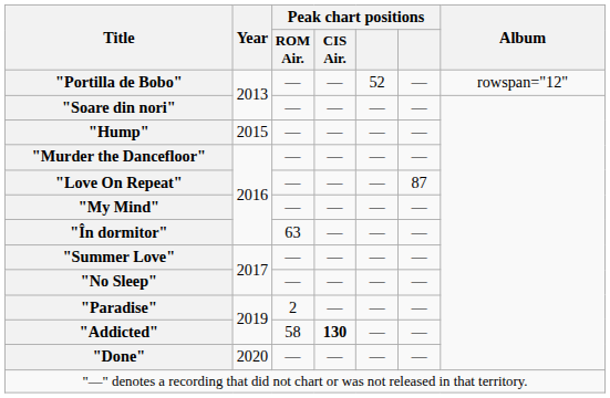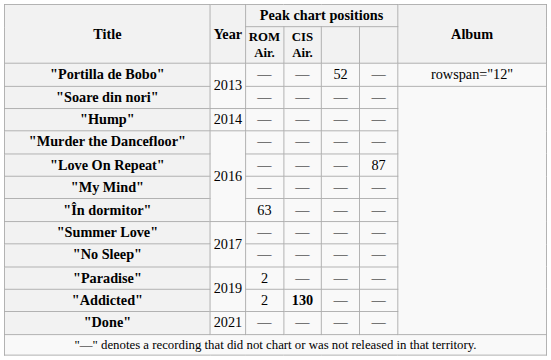 <table class="wikitable plainrowheaders" style="text-align:center;">
 <tr>
 <th scope="col" rowspan="2" style="width:14em;">Title</th>
 <th scope="col" rowspan="2" style="width:1em;">Year</th>
 <th colspan="4" scope="col">Peak chart positions</th>
 <th scope="col" rowspan="2" style="width:10em;">Album</th>
 </tr>
 <tr>
 <th scope="col" style="width:2.5em;font-size:90%;">ROM<br>Air.<br></th>
 <th scope="col" style="width:2.5em;font-size:90%;">CIS<br>Air.<br></th>
 <th scope="col" style="width:2.5em;font-size:90%;"><a href='#'></a><br></th>
 <th scope="col" style="width:2.5em;font-size:90%;"><a href='#'></a><br></th>
 </tr>
 <tr>
 <th scope="row">"Portilla de Bobo"<br></th>
 <td rowspan="2">2013</td>
 <td>—</td>
 <td>—</td>
 <td>52</td>
 <td>—</td>
 <td>rowspan="12" </td>
 </tr>
 <tr>
 <th scope="row">"Soare din nori"<br></th>
 <td>—</td>
 <td>—</td>
 <td>—</td>
 <td>—</td>
 </tr>
 <tr>
 <th scope="row">"Hump"<br></th>
-<td rowspan="1">2015</td>
+<td rowspan="1">2014</td>
 <td>—</td>
 <td>—</td>
 <td>—</td>
 <td>—</td>
 </tr>
 <tr>
 <th scope="row">"Murder the Dancefloor"<br></th>
 <td rowspan="4">2016</td>
 <td>—</td>
 <td>—</td>
 <td>—</td>
 <td>—</td>
 </tr>
 <tr>
 <th scope="row">"Love On Repeat"<br></th>
 <td>—</td>
 <td>—</td>
 <td>—</td>
 <td>87</td>
 </tr>
 <tr>
 <th scope="row">"My Mind"<br></th>
 <td>—</td>
 <td>—</td>
 <td>—</td>
 <td>—</td>
 </tr>
 <tr>
 <th scope="row">"În dormitor"<br></th>
 <td>63</td>
 <td>—</td>
 <td>—</td>
 <td>—</td>
 </tr>
 <tr>
 <th scope="row">"Summer Love"<br></th>
 <td rowspan="2">2017</td>
 <td>—</td>
 <td>—</td>
 <td>—</td>
 <td>—</td>
 </tr>
 <tr>
 <th scope="row">"No Sleep"<br></th>
 <td>—</td>
 <td>—</td>
 <td>—</td>
 <td>—</td>
 </tr>
 <tr>
 <th scope="row">"Paradise"<br></th>
 <td rowspan="2">2019</td>
 <td>2</td>
 <td>—</td>
 <td>—</td>
 <td>—</td>
 </tr>
 <tr>
 <th scope="row">"Addicted"<br></th>
-<td>58</td>
+<td>2</td>
 <td><strong>130</strong></td>
 <td>—</td>
 <td>—</td>
 </tr>
 <tr>
 <th scope="row">"Done"<br></th>
-<td rowspan="1">2020</td>
+<td rowspan="1">2021</td>
 <td>—</td>
 <td>—</td>
 <td>—</td>
 <td>—</td>
 </tr>
 <tr>
 <td colspan="18" style="font-size:90%">"—" denotes a recording that did not chart or was not released in that territory.</td>
 </tr>
 </table>
